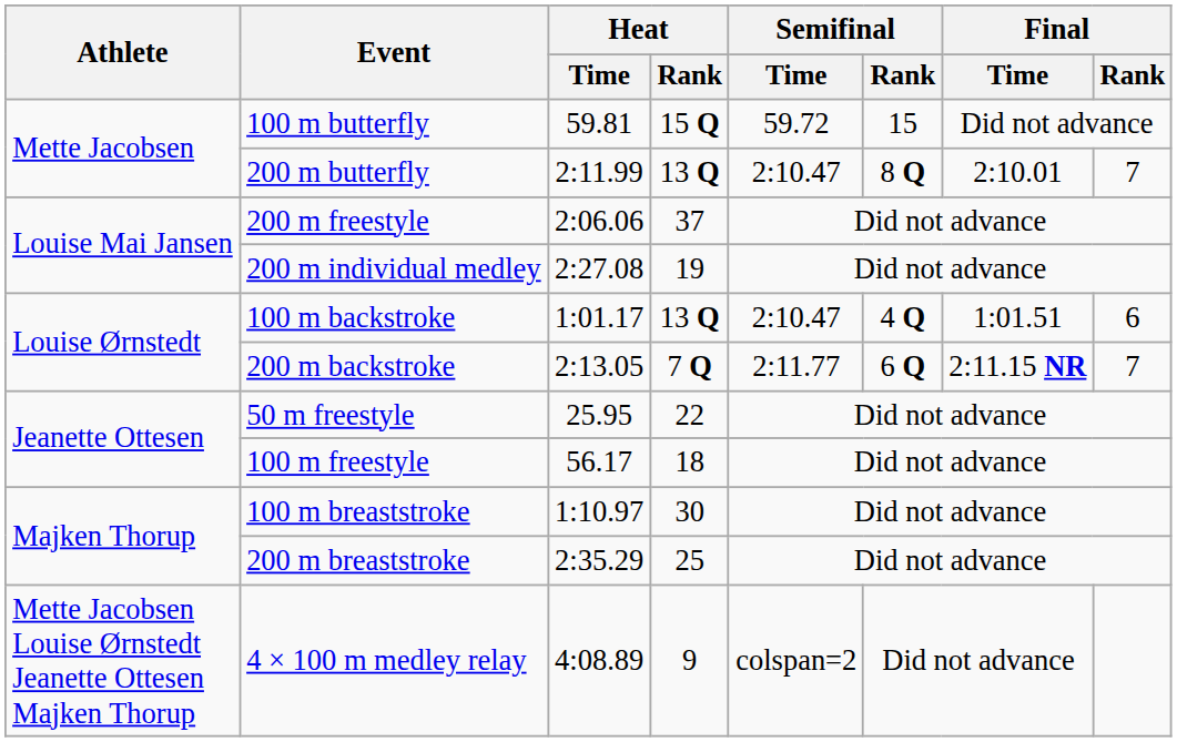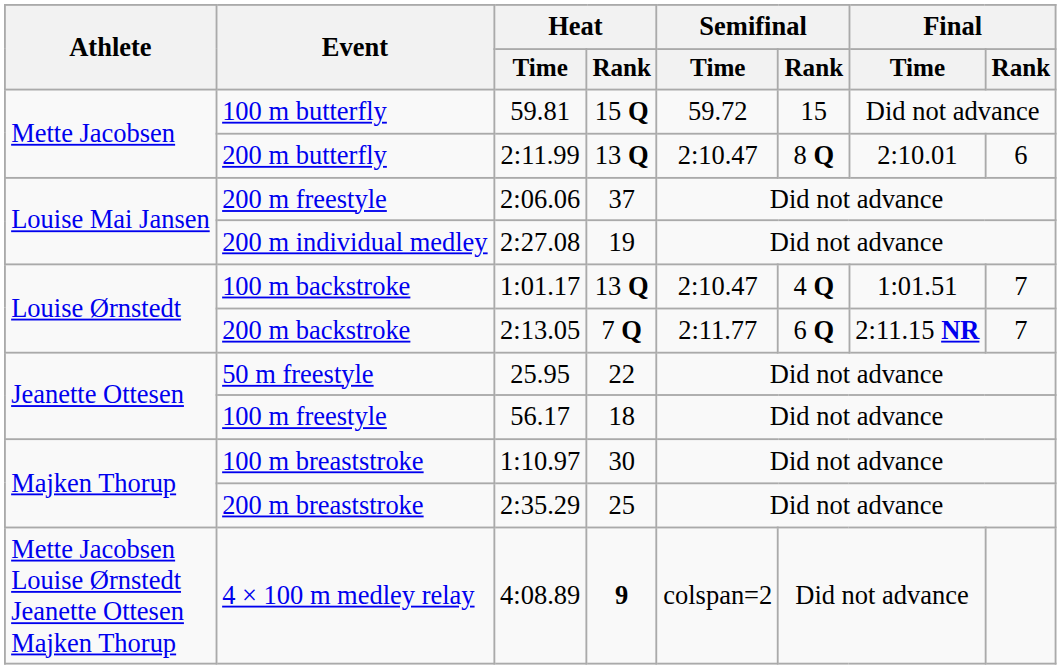 <table class=wikitable style="font-size:90%">
 <tr>
 <th rowspan="2">Athlete</th>
 <th rowspan="2">Event</th>
 <th colspan="2">Heat</th>
 <th colspan="2">Semifinal</th>
 <th colspan="2">Final</th>
 </tr>
 <tr style="font-size:95%">
 <th>Time</th>
 <th>Rank</th>
 <th>Time</th>
 <th>Rank</th>
 <th>Time</th>
 <th>Rank</th>
 </tr>
 <tr align=center>
 <td align=left rowspan=2><a href='#'>Mette Jacobsen</a></td>
 <td align=left><a href='#'>100 m butterfly</a></td>
 <td>59.81</td>
 <td>15 <strong>Q</strong></td>
 <td>59.72</td>
 <td>15</td>
 <td colspan=2>Did not advance</td>
 </tr>
 <tr align=center>
 <td align=left><a href='#'>200 m butterfly</a></td>
 <td>2:11.99</td>
 <td>13 <strong>Q</strong></td>
 <td>2:10.47</td>
 <td>8 <strong>Q</strong></td>
 <td>2:10.01</td>
-<td>7</td>
+<td>6</td>
 </tr>
 <tr align=center>
 <td align=left rowspan=2><a href='#'>Louise Mai Jansen</a></td>
 <td align=left><a href='#'>200 m freestyle</a></td>
 <td>2:06.06</td>
 <td>37</td>
 <td colspan=4>Did not advance</td>
 </tr>
 <tr align=center>
 <td align=left><a href='#'>200 m individual medley</a></td>
 <td>2:27.08</td>
 <td>19</td>
 <td colspan=4>Did not advance</td>
 </tr>
 <tr align=center>
 <td align=left rowspan=2><a href='#'>Louise Ørnstedt</a></td>
 <td align=left><a href='#'>100 m backstroke</a></td>
 <td>1:01.17</td>
 <td>13 <strong>Q</strong></td>
 <td>2:10.47</td>
 <td>4 <strong>Q</strong></td>
 <td>1:01.51</td>
-<td>6</td>
+<td>7</td>
 </tr>
 <tr align=center>
 <td align=left><a href='#'>200 m backstroke</a></td>
 <td>2:13.05</td>
 <td>7 <strong>Q</strong></td>
 <td>2:11.77</td>
 <td>6 <strong>Q</strong></td>
 <td>2:11.15 <strong><a href='#'>NR</a></strong></td>
 <td>7</td>
 </tr>
 <tr align=center>
 <td align=left rowspan=2><a href='#'>Jeanette Ottesen</a></td>
 <td align=left><a href='#'>50 m freestyle</a></td>
 <td>25.95</td>
 <td>22</td>
 <td colspan=4>Did not advance</td>
 </tr>
 <tr align=center>
 <td align=left><a href='#'>100 m freestyle</a></td>
 <td>56.17</td>
 <td>18</td>
 <td colspan=4>Did not advance</td>
 </tr>
 <tr align=center>
 <td align=left rowspan=2><a href='#'>Majken Thorup</a></td>
 <td align=left><a href='#'>100 m breaststroke</a></td>
 <td>1:10.97</td>
 <td>30</td>
 <td colspan=4>Did not advance</td>
 </tr>
 <tr align=center>
 <td align=left><a href='#'>200 m breaststroke</a></td>
 <td>2:35.29</td>
 <td>25</td>
 <td colspan=4>Did not advance</td>
 </tr>
 <tr align=center>
 <td align=left><a href='#'>Mette Jacobsen</a><br><a href='#'>Louise Ørnstedt</a><br><a href='#'>Jeanette Ottesen</a><br><a href='#'>Majken Thorup</a></td>
 <td align=left><a href='#'>4 × 100 m medley relay</a></td>
 <td>4:08.89</td>
-<td>9</td>
+<td><strong>9</strong></td>
 <td>colspan=2 </td>
 <td colspan=2>Did not advance</td>
 </tr>
 </table>
